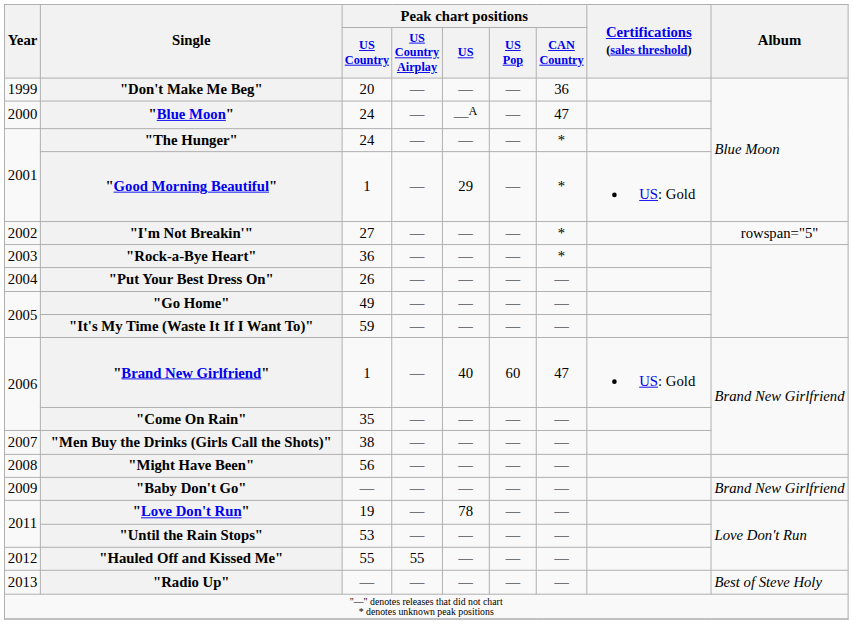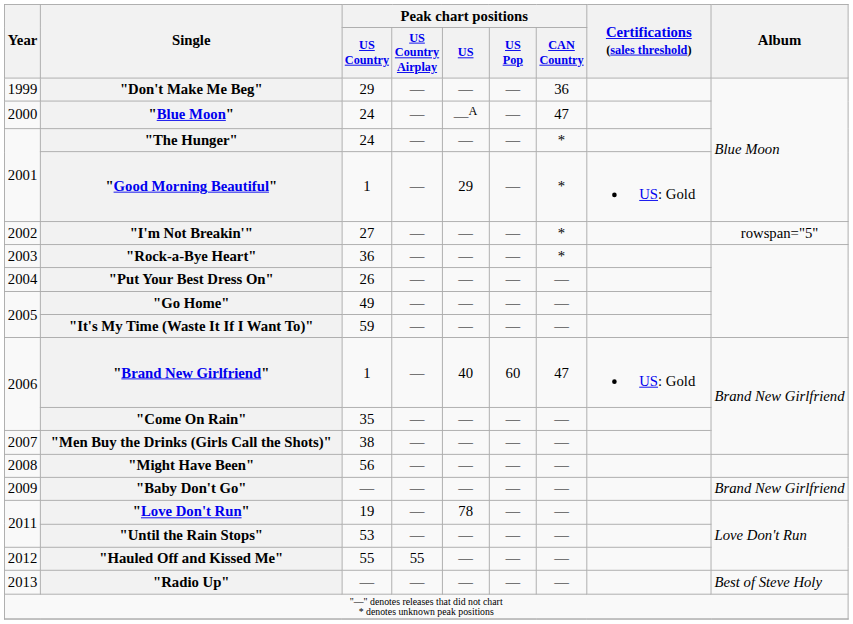 <table class="wikitable plainrowheaders" style="text-align:center;">
 <tr>
 <th rowspan="2">Year</th>
 <th rowspan="2" style="width:20em;">Single</th>
 <th colspan="5">Peak chart positions</th>
 <th rowspan="2" style="width:8em;"><a href='#'>Certifications</a><br><small>(<a href='#'>sales threshold</a>)</small></th>
 <th rowspan="2">Album</th>
 </tr>
 <tr style="font-size:smaller;">
 <th width="45"><a href='#'>US Country</a><br></th>
 <th width="45"><a href='#'>US Country Airplay</a><br></th>
 <th width="45"><a href='#'>US</a><br></th>
 <th width="45"><a href='#'>US<br>Pop</a></th>
 <th width="45"><a href='#'>CAN Country</a><br></th>
 </tr>
 <tr>
 <td>1999</td>
 <th scope="row">"Don't Make Me Beg"</th>
-<td>20</td>
+<td>29</td>
 <td>—</td>
 <td>—</td>
 <td>—</td>
 <td>36</td>
 <td></td>
 <td align="left" rowspan="4"><em>Blue Moon</em></td>
 </tr>
 <tr>
 <td>2000</td>
 <th scope="row">"<a href='#'>Blue Moon</a>"</th>
 <td>24</td>
 <td>—</td>
 <td>—<sup>A</sup></td>
 <td>—</td>
 <td>47</td>
 <td></td>
 </tr>
 <tr>
 <td rowspan="2">2001</td>
 <th scope="row">"The Hunger"</th>
 <td>24</td>
 <td>—</td>
 <td>—</td>
 <td>—</td>
 <td>*</td>
 <td></td>
 </tr>
 <tr>
 <th scope="row">"<a href='#'>Good Morning Beautiful</a>"</th>
 <td>1</td>
 <td>—</td>
 <td>29</td>
 <td>—</td>
 <td>*</td>
 <td><br><ul><li><a href='#'>US</a>: Gold</li></ul></td>
 </tr>
 <tr>
 <td>2002</td>
 <th scope="row">"I'm Not Breakin'"</th>
 <td>27</td>
 <td>—</td>
 <td>—</td>
 <td>—</td>
 <td>*</td>
 <td></td>
 <td>rowspan="5" </td>
 </tr>
 <tr>
 <td>2003</td>
 <th scope="row">"Rock-a-Bye Heart"</th>
 <td>36</td>
 <td>—</td>
 <td>—</td>
 <td>—</td>
 <td>*</td>
 <td></td>
 </tr>
 <tr>
 <td>2004</td>
 <th scope="row">"Put Your Best Dress On"</th>
 <td>26</td>
 <td>—</td>
 <td>—</td>
 <td>—</td>
 <td>—</td>
 <td></td>
 </tr>
 <tr>
 <td rowspan="2">2005</td>
 <th scope="row">"Go Home"</th>
 <td>49</td>
 <td>—</td>
 <td>—</td>
 <td>—</td>
 <td>—</td>
 <td></td>
 </tr>
 <tr>
 <th scope="row">"It's My Time (Waste It If I Want To)"</th>
 <td>59</td>
 <td>—</td>
 <td>—</td>
 <td>—</td>
 <td>—</td>
 <td></td>
 </tr>
 <tr>
 <td rowspan="2">2006</td>
 <th scope="row">"<a href='#'>Brand New Girlfriend</a>"</th>
 <td>1</td>
 <td>—</td>
 <td>40</td>
 <td>60</td>
 <td>47</td>
 <td><br><ul><li><a href='#'>US</a>: Gold</li></ul></td>
 <td align="left" rowspan="3"><em>Brand New Girlfriend</em></td>
 </tr>
 <tr>
 <th scope="row">"Come On Rain"</th>
 <td>35</td>
 <td>—</td>
 <td>—</td>
 <td>—</td>
 <td>—</td>
 <td></td>
 </tr>
 <tr>
 <td>2007</td>
 <th scope="row">"Men Buy the Drinks (Girls Call the Shots)"</th>
 <td>38</td>
 <td>—</td>
 <td>—</td>
 <td>—</td>
 <td>—</td>
 <td></td>
 </tr>
 <tr>
 <td>2008</td>
 <th scope="row">"Might Have Been"</th>
 <td>56</td>
 <td>—</td>
 <td>—</td>
 <td>—</td>
 <td>—</td>
 <td></td>
 <td></td>
 </tr>
 <tr>
 <td>2009</td>
 <th scope="row">"Baby Don't Go"</th>
 <td>—</td>
 <td>—</td>
 <td>—</td>
 <td>—</td>
 <td>—</td>
 <td></td>
 <td align="left"><em>Brand New Girlfriend</em></td>
 </tr>
 <tr>
 <td rowspan="2">2011</td>
 <th scope="row">"<a href='#'>Love Don't Run</a>"</th>
 <td>19</td>
 <td>—</td>
 <td>78</td>
 <td>—</td>
 <td>—</td>
 <td></td>
 <td align="left" rowspan="3"><em>Love Don't Run</em></td>
 </tr>
 <tr>
 <th scope="row">"Until the Rain Stops"</th>
 <td>53</td>
 <td>—</td>
 <td>—</td>
 <td>—</td>
 <td>—</td>
 <td></td>
 </tr>
 <tr>
 <td>2012</td>
 <th scope="row">"Hauled Off and Kissed Me"</th>
 <td>55</td>
 <td>55</td>
 <td>—</td>
 <td>—</td>
 <td>—</td>
 <td></td>
 </tr>
 <tr>
 <td>2013</td>
 <th scope="row">"Radio Up"</th>
 <td>—</td>
 <td>—</td>
 <td>—</td>
 <td>—</td>
 <td>—</td>
 <td></td>
 <td align="left"><em>Best of Steve Holy</em></td>
 </tr>
 <tr>
 <td colspan="9" style="font-size:8pt">"—" denotes releases that did not chart<br>* denotes unknown peak positions</td>
 </tr>
 <tr>
 </tr>
 </table>
